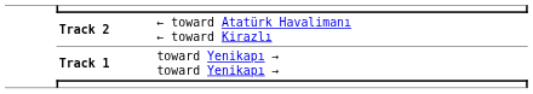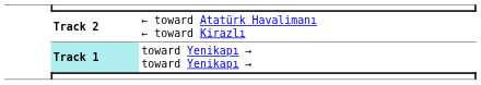 <table cellspacing=0 cellpadding=3>
 <tr>
 <td style="border-top:solid 1px gray;border-bottom:solid 1px gray;vertical-align:top;" width=50 rowspan=4></td>
 <td style="border-top:solid 1px gray;border-right:solid 2px black;border-left:solid 2px black;border-bottom:solid 2px black;text-align:center;" colspan=2></td>
 </tr>
 <tr>
 <td style="border-bottom:solid 1px gray;" width=100><strong>Track 2</strong></td>
 <td style="border-bottom:solid 1px gray;" width=400>←  toward <a href='#'>Atatürk Havalimanı</a><br>←   toward <a href='#'>Kirazlı</a></td>
 </tr>
 <tr>
-<td><strong>Track 1</strong></td>
+<td style="background: paleturquoise;"><strong>Track 1</strong></td>
 <td> toward <a href='#'>Yenikapı</a> →<br> toward <a href='#'>Yenikapı</a> →</td>
 </tr>
 <tr>
 <td style="border-bottom:solid 1px gray;border-top:solid 2px black;border-right:solid 2px black;border-left:solid 2px black;text-align:center;" colspan=2></td>
 </tr>
 </table>
